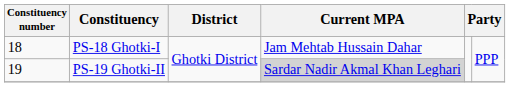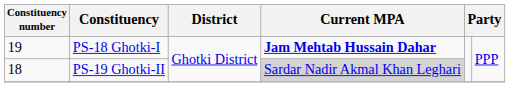 <table class="wikitable">
 <tr>
 <th width="50px" style="font-size:75%">Constituency number</th>
 <th>Constituency</th>
 <th>District</th>
 <th>Current MPA</th>
 <th colspan="2">Party</th>
 </tr>
 <tr>
-<td>18</td>
+<td>19</td>
 <td><a href='#'>PS-18 Ghotki-I</a></td>
 <td rowspan="2"><a href='#'>Ghotki District</a></td>
-<td><a href='#'>Jam Mehtab Hussain Dahar</a></td>
+<td><strong><a href='#'>Jam Mehtab Hussain Dahar</a></strong></td>
 <td rowspan="2"></td>
 <td rowspan="2"><a href='#'>PPP</a></td>
 </tr>
 <tr>
-<td>19</td>
+<td>18</td>
 <td><a href='#'>PS-19 Ghotki-II</a></td>
 <td style="background: lightgrey;"><a href='#'>Sardar Nadir Akmal Khan Leghari</a></td>
 </tr>
 <tr>
 </tr>
 </table>
